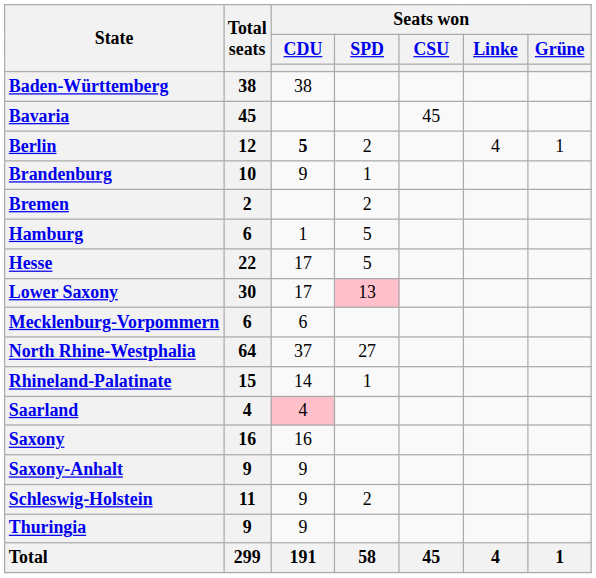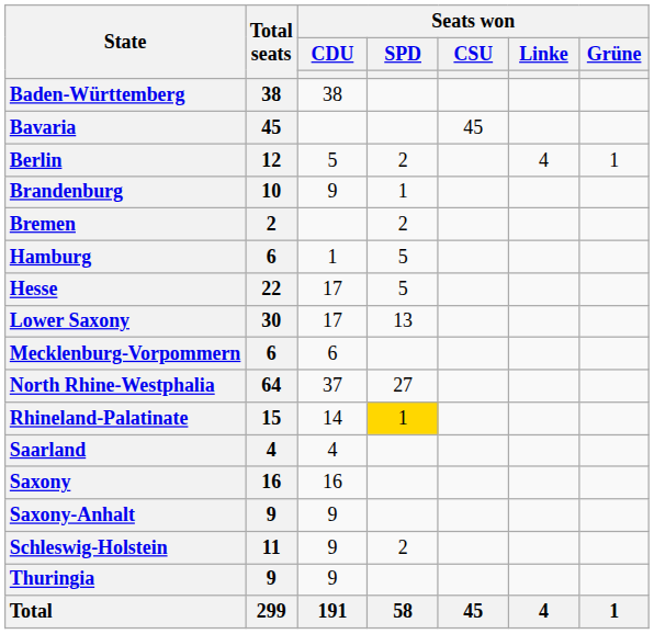 <table class="wikitable" style="text-align:center; font-size: 0.9em;">
 <tr>
 <th rowspan="3">State</th>
 <th rowspan="3">Total<br>seats</th>
 <th colspan="5">Seats won</th>
 </tr>
 <tr>
 <th class="unsortable" style="width:45px;"><a href='#'>CDU</a></th>
 <th class="unsortable" style="width:45px;"><a href='#'>SPD</a></th>
 <th class="unsortable" style="width:45px;"><a href='#'>CSU</a></th>
 <th class="unsortable" style="width:45px;"><a href='#'>Linke</a></th>
 <th class="unsortable" style="width:45px;"><a href='#'>Grüne</a></th>
 </tr>
 <tr>
 <th style="background:"></th>
 <th style="background:"></th>
 <th style="background:"></th>
 <th style="background:"></th>
 <th style="background:"></th>
 </tr>
 <tr>
 <th style="text-align: left;"><a href='#'>Baden-Württemberg</a></th>
 <th>38</th>
 <td>38</td>
 <td></td>
 <td></td>
 <td></td>
 <td></td>
 </tr>
 <tr>
 <th style="text-align: left;"><a href='#'>Bavaria</a></th>
 <th>45</th>
 <td></td>
 <td></td>
 <td>45</td>
 <td></td>
 <td></td>
 </tr>
 <tr>
 <th style="text-align: left;"><a href='#'>Berlin</a></th>
 <th>12</th>
-<td><strong>5</strong></td>
+<td>5</td>
 <td>2</td>
 <td></td>
 <td>4</td>
 <td>1</td>
 </tr>
 <tr>
 <th style="text-align: left;"><a href='#'>Brandenburg</a></th>
 <th>10</th>
 <td>9</td>
 <td>1</td>
 <td></td>
 <td></td>
 <td></td>
 </tr>
 <tr>
 <th style="text-align: left;"><a href='#'>Bremen</a></th>
 <th>2</th>
 <td></td>
 <td>2</td>
 <td></td>
 <td></td>
 <td></td>
 </tr>
 <tr>
 <th style="text-align: left;"><a href='#'>Hamburg</a></th>
 <th>6</th>
 <td>1</td>
 <td>5</td>
 <td></td>
 <td></td>
 <td></td>
 </tr>
 <tr>
 <th style="text-align: left;"><a href='#'>Hesse</a></th>
 <th>22</th>
 <td>17</td>
 <td>5</td>
 <td></td>
 <td></td>
 <td></td>
 </tr>
 <tr>
 <th style="text-align: left;"><a href='#'>Lower Saxony</a></th>
 <th>30</th>
 <td>17</td>
-<td style="background: pink;">13</td>
+<td>13</td>
 <td></td>
 <td></td>
 <td></td>
 </tr>
 <tr>
 <th style="text-align: left;"><a href='#'>Mecklenburg-Vorpommern</a></th>
 <th>6</th>
 <td>6</td>
 <td></td>
 <td></td>
 <td></td>
 <td></td>
 </tr>
 <tr>
 <th style="text-align: left;"><a href='#'>North Rhine-Westphalia</a></th>
 <th>64</th>
 <td>37</td>
 <td>27</td>
 <td></td>
 <td></td>
 <td></td>
 </tr>
 <tr>
 <th style="text-align: left;"><a href='#'>Rhineland-Palatinate</a></th>
 <th>15</th>
 <td>14</td>
-<td>1</td>
+<td style="background: gold;">1</td>
 <td></td>
 <td></td>
 <td></td>
 </tr>
 <tr>
 <th style="text-align: left;"><a href='#'>Saarland</a></th>
 <th>4</th>
-<td style="background: pink;">4</td>
+<td>4</td>
 <td></td>
 <td></td>
 <td></td>
 <td></td>
 </tr>
 <tr>
 <th style="text-align: left;"><a href='#'>Saxony</a></th>
 <th>16</th>
 <td>16</td>
 <td></td>
 <td></td>
 <td></td>
 <td></td>
 </tr>
 <tr>
 <th style="text-align: left;"><a href='#'>Saxony-Anhalt</a></th>
 <th>9</th>
 <td>9</td>
 <td></td>
 <td></td>
 <td></td>
 <td></td>
 </tr>
 <tr>
 <th style="text-align: left;"><a href='#'>Schleswig-Holstein</a></th>
 <th>11</th>
 <td>9</td>
 <td>2</td>
 <td></td>
 <td></td>
 <td></td>
 </tr>
 <tr>
 <th style="text-align: left;"><a href='#'>Thuringia</a></th>
 <th>9</th>
 <td>9</td>
 <td></td>
 <td></td>
 <td></td>
 <td></td>
 </tr>
 <tr class="sortbottom">
 <th style="text-align: left;">Total</th>
 <th>299</th>
 <th>191</th>
 <th>58</th>
 <th>45</th>
 <th>4</th>
 <th>1</th>
 </tr>
 </table>
